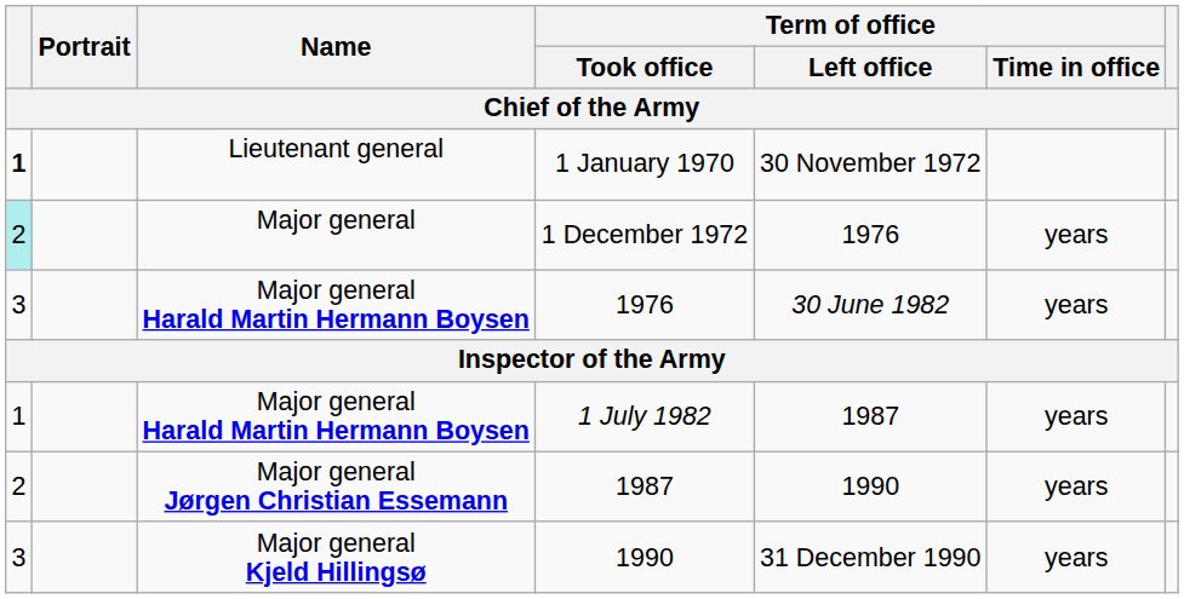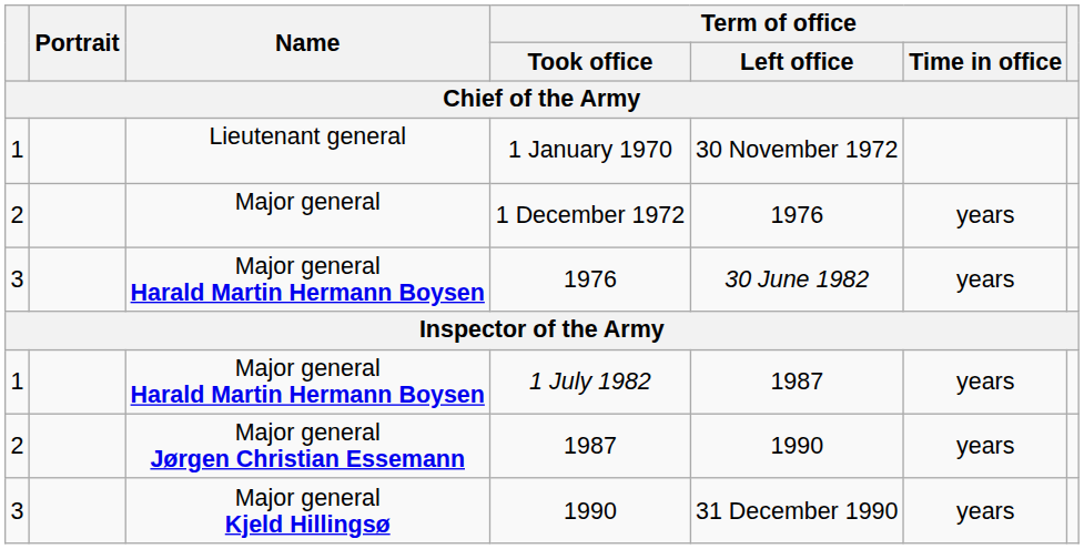 <table class="wikitable" style="text-align:center">
 <tr>
 <th rowspan=2></th>
 <th rowspan=2>Portrait</th>
 <th rowspan=2>Name<br></th>
 <th colspan=3>Term of office</th>
 <th rowspan=2></th>
 </tr>
 <tr>
 <th>Took office</th>
 <th>Left office</th>
 <th>Time in office</th>
 </tr>
 <tr>
 <th colspan=7>Chief of the Army<br></th>
 </tr>
 <tr>
-<td><strong>1</strong></td>
+<td>1</td>
 <td></td>
 <td>Lieutenant general<br><strong></strong><br></td>
 <td>1 January 1970</td>
 <td>30 November 1972</td>
 <td></td>
 <td></td>
 </tr>
 <tr>
-<td style="background: paleturquoise;">2</td>
+<td>2</td>
 <td></td>
 <td>Major general<br><strong></strong><br></td>
 <td>1 December 1972</td>
 <td>1976</td>
 <td> years</td>
 <td></td>
 </tr>
 <tr>
 <td>3</td>
 <td></td>
 <td>Major general<br><strong><a href='#'>Harald Martin Hermann Boysen</a></strong><br></td>
 <td>1976</td>
 <td><em>30 June 1982</em></td>
 <td> years</td>
 <td></td>
 </tr>
 <tr>
 <th colspan=7>Inspector of the Army<br></th>
 </tr>
 <tr>
 <td>1</td>
 <td></td>
 <td>Major general<br><strong><a href='#'>Harald Martin Hermann Boysen</a></strong><br></td>
 <td><em>1 July 1982</em></td>
 <td>1987</td>
 <td> years</td>
 <td></td>
 </tr>
 <tr>
 <td>2</td>
 <td></td>
 <td>Major general<br><strong><a href='#'>Jørgen Christian Essemann</a></strong><br></td>
 <td>1987</td>
 <td>1990</td>
 <td> years</td>
 <td></td>
 </tr>
 <tr>
 <td>3</td>
 <td></td>
 <td>Major general<br><strong><a href='#'>Kjeld Hillingsø</a></strong><br></td>
 <td>1990</td>
 <td>31 December 1990</td>
 <td> years</td>
 <td></td>
 </tr>
 </table>
